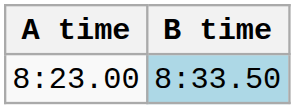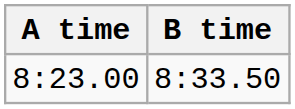 <table class="wikitable" border="1" align="upright">
 <tr>
 <th>A time</th>
 <th>B time</th>
 </tr>
 <tr>
 <td>8:23.00</td>
-<td style="background: lightblue;">8:33.50</td>
+<td>8:33.50</td>
 </tr>
 </table>
